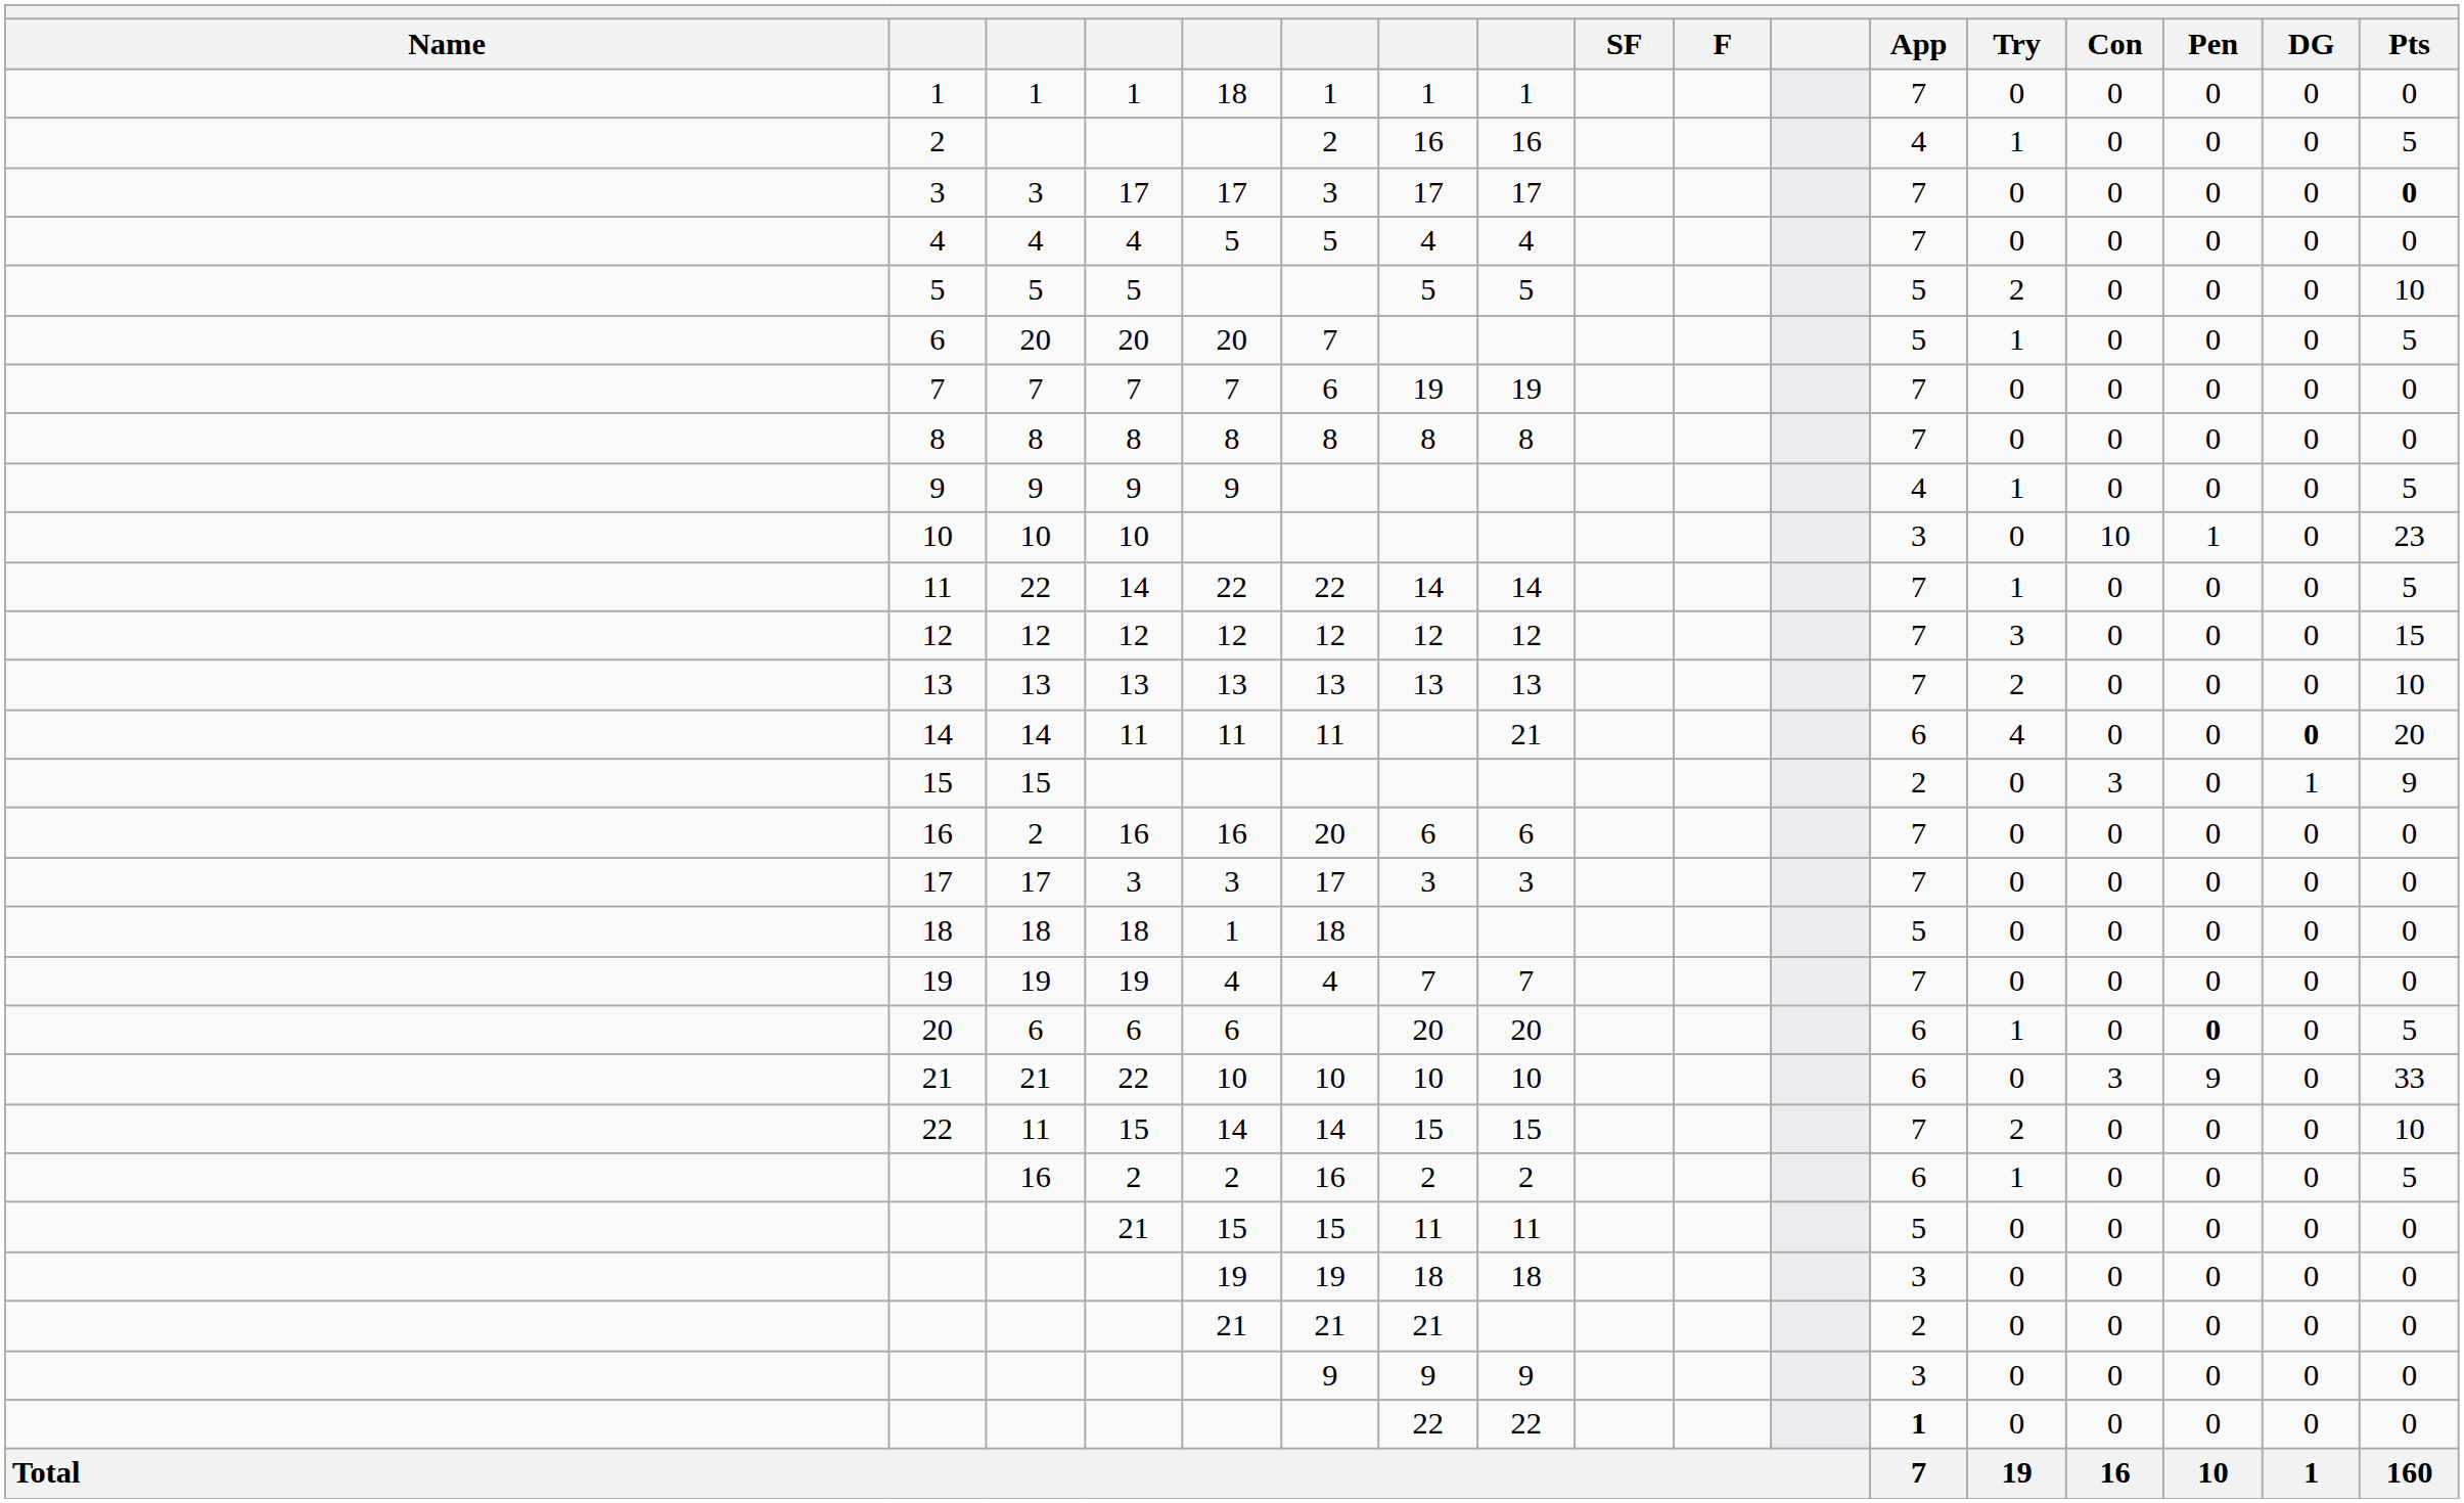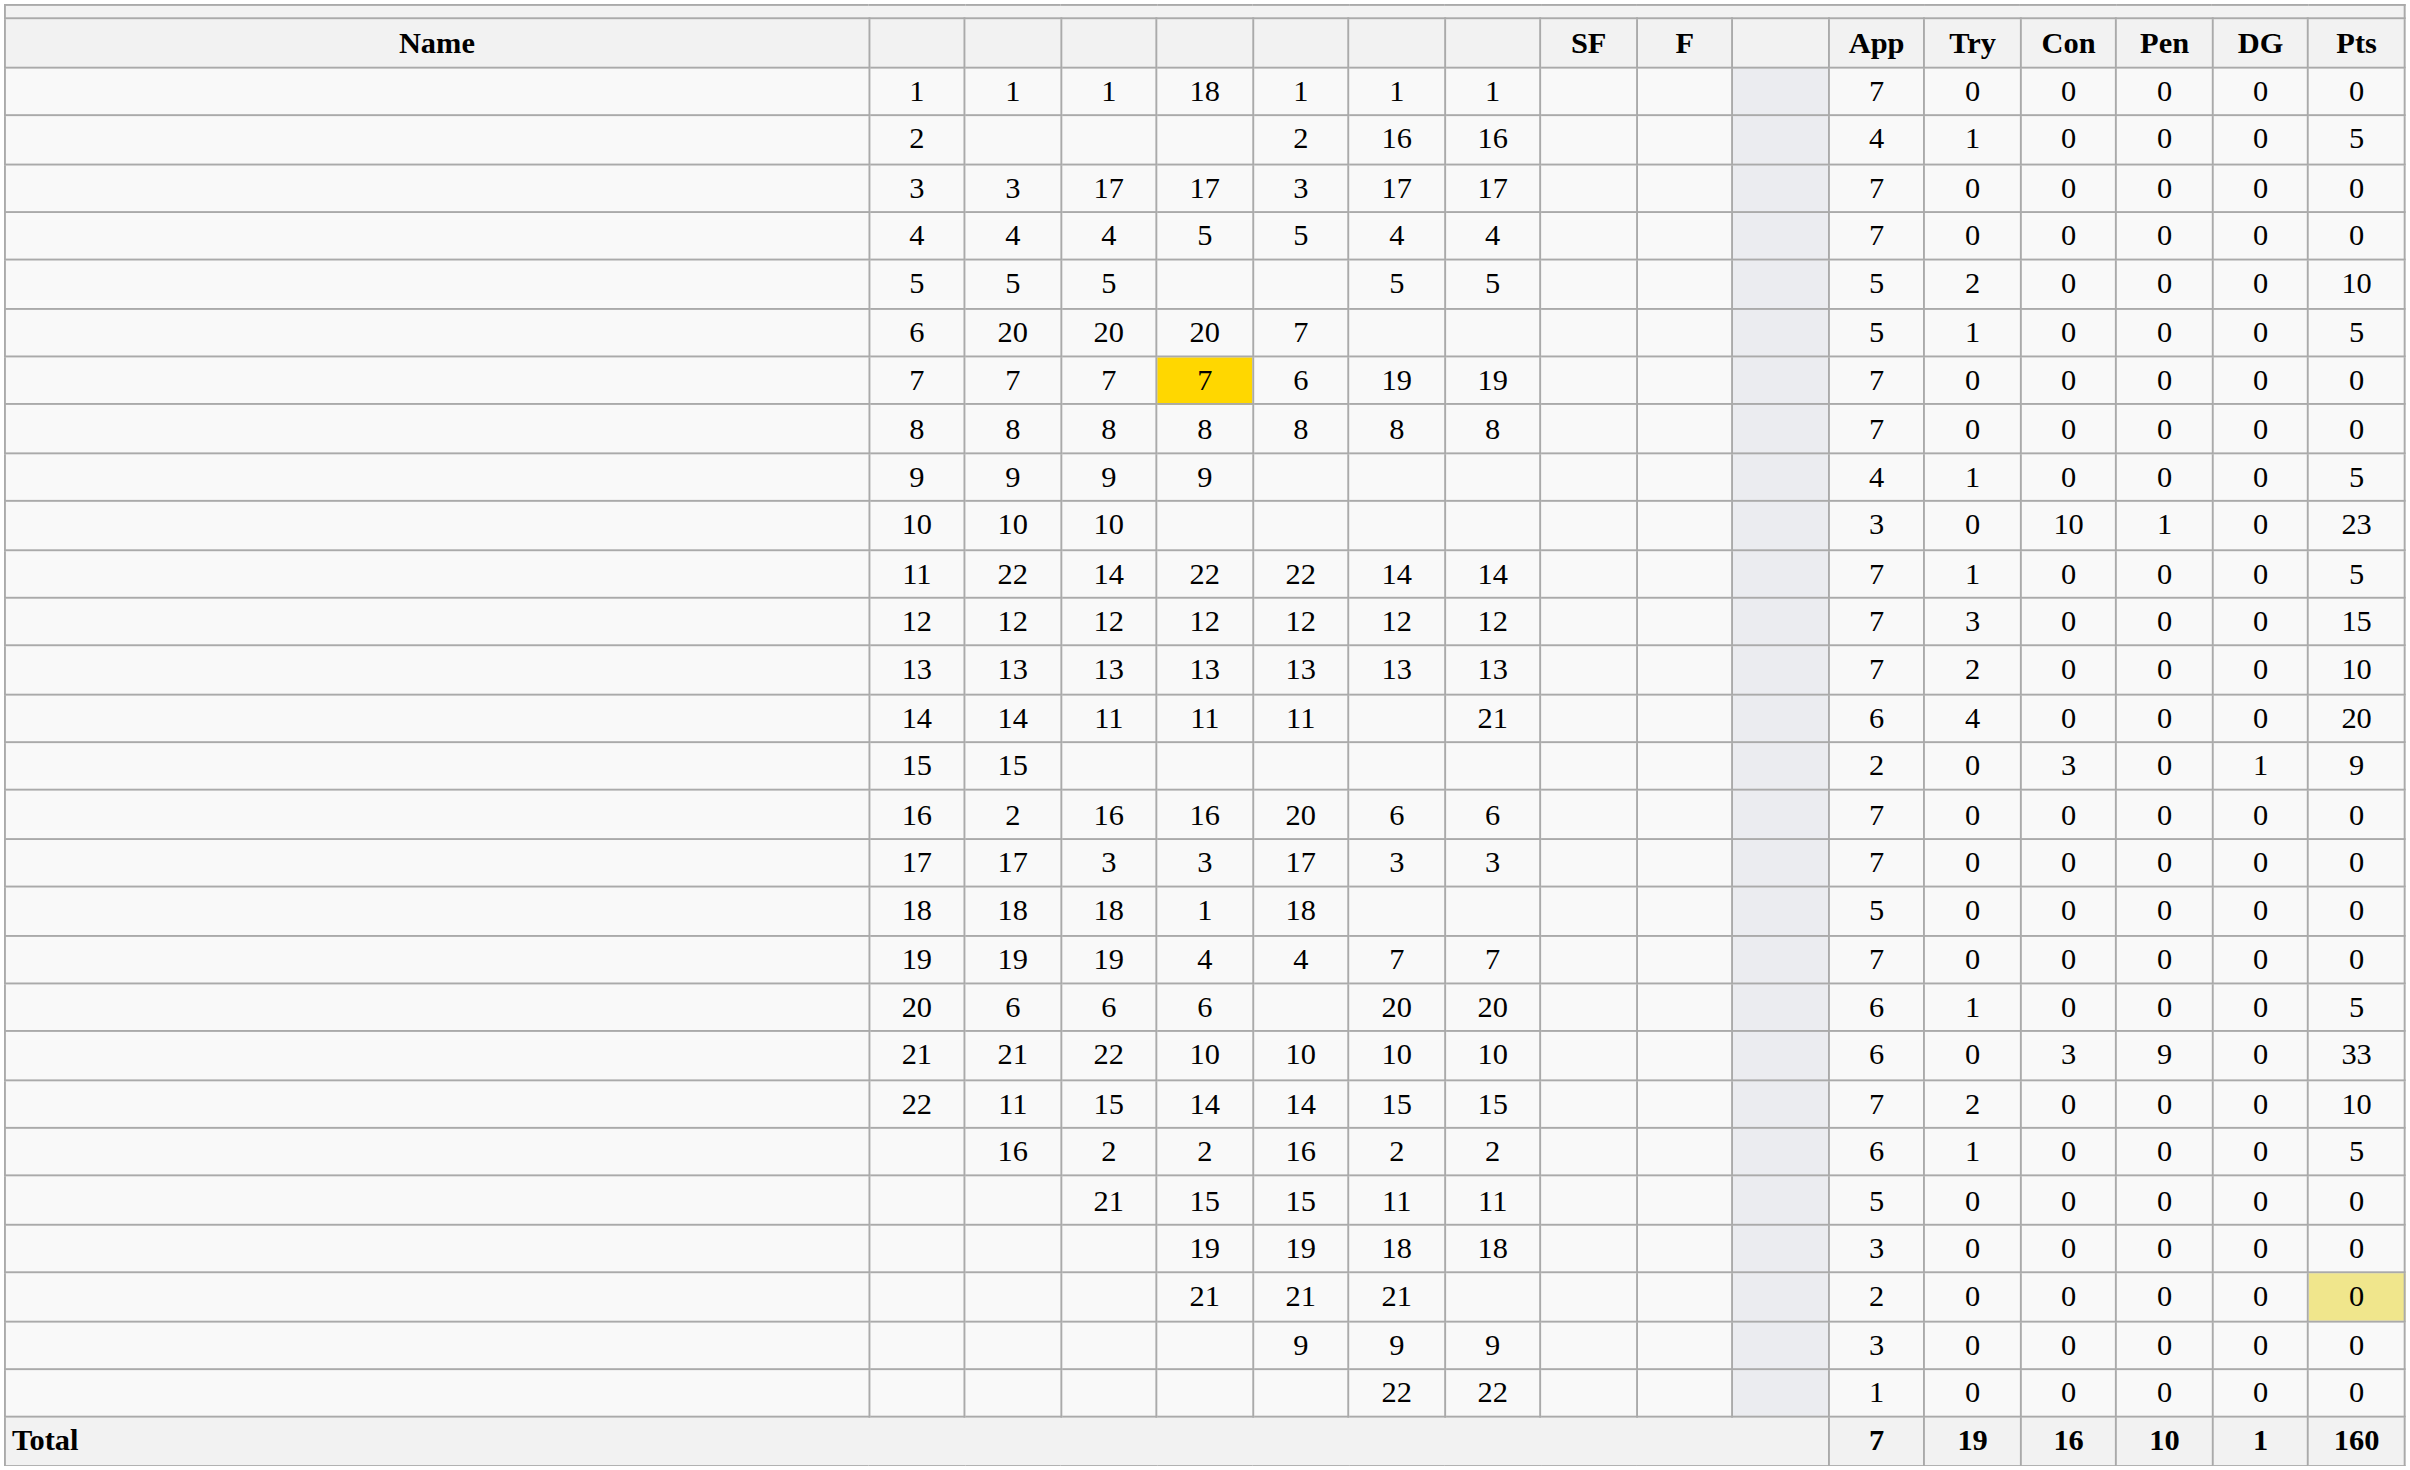 <table class="wikitable collapsible collapsed" style="text-align:center; font-size:100%; width:100%">
 <tr>
 <th colspan="100%"></th>
 </tr>
 <tr>
 <th style="width:36%;">Name</th>
 <th style="width:4%;"></th>
 <th style="width:4%;"></th>
 <th style="width:4%;"></th>
 <th style="width:4%;"></th>
 <th style="width:4%;"></th>
 <th style="width:4%;"></th>
 <th style="width:4%;"></th>
 <th style="width:4%;">SF</th>
 <th style="width:4%;">F</th>
 <th style="width:4%;"></th>
 <th style="width:4%;">App</th>
 <th style="width:4%;">Try</th>
 <th style="width:4%;">Con</th>
 <th style="width:4%;">Pen</th>
 <th style="width:4%;">DG</th>
 <th style="width:4%;">Pts</th>
 </tr>
 <tr>
 <td style="text-align:left;"></td>
 <td>1</td>
 <td>1</td>
 <td>1</td>
 <td>18 </td>
 <td>1</td>
 <td>1</td>
 <td>1</td>
 <td></td>
 <td></td>
 <td style="background:#EBECF0;"></td>
 <td>7</td>
 <td>0</td>
 <td>0</td>
 <td>0</td>
 <td>0</td>
 <td>0</td>
 </tr>
 <tr>
 <td style="text-align:left;"></td>
 <td>2</td>
 <td></td>
 <td></td>
 <td></td>
 <td>2</td>
 <td>16 </td>
 <td>16 </td>
 <td></td>
 <td></td>
 <td style="background:#EBECF0;"></td>
 <td>4</td>
 <td>1</td>
 <td>0</td>
 <td>0</td>
 <td>0</td>
 <td>5</td>
 </tr>
 <tr>
 <td style="text-align:left;"></td>
 <td>3</td>
 <td>3</td>
 <td>17 </td>
 <td>17 </td>
 <td>3</td>
 <td>17 </td>
 <td>17 </td>
 <td></td>
 <td></td>
 <td style="background:#EBECF0;"></td>
 <td>7</td>
 <td>0</td>
 <td>0</td>
 <td>0</td>
 <td>0</td>
-<td><strong>0</strong></td>
+<td>0</td>
 </tr>
 <tr>
 <td style="text-align:left;"></td>
 <td>4</td>
 <td>4</td>
 <td>4</td>
 <td>5</td>
 <td>5</td>
 <td>4</td>
 <td>4</td>
 <td></td>
 <td></td>
 <td style="background:#EBECF0;"></td>
 <td>7</td>
 <td>0</td>
 <td>0</td>
 <td>0</td>
 <td>0</td>
 <td>0</td>
 </tr>
 <tr>
 <td style="text-align:left;"></td>
 <td>5</td>
 <td>5</td>
 <td>5</td>
 <td></td>
 <td></td>
 <td>5</td>
 <td>5</td>
 <td></td>
 <td></td>
 <td style="background:#EBECF0;"></td>
 <td>5</td>
 <td>2</td>
 <td>0</td>
 <td>0</td>
 <td>0</td>
 <td>10</td>
 </tr>
 <tr>
 <td style="text-align:left;"></td>
 <td>6</td>
 <td>20 </td>
 <td>20 </td>
 <td>20 </td>
 <td>7</td>
 <td></td>
 <td></td>
 <td></td>
 <td></td>
 <td style="background:#EBECF0;"></td>
 <td>5</td>
 <td>1</td>
 <td>0</td>
 <td>0</td>
 <td>0</td>
 <td>5</td>
 </tr>
 <tr>
 <td style="text-align:left;"></td>
 <td>7</td>
 <td>7</td>
 <td>7</td>
-<td>7</td>
+<td style="background: gold;">7</td>
 <td>6</td>
 <td>19 </td>
 <td>19 </td>
 <td></td>
 <td></td>
 <td style="background:#EBECF0;"></td>
 <td>7</td>
 <td>0</td>
 <td>0</td>
 <td>0</td>
 <td>0</td>
 <td>0</td>
 </tr>
 <tr>
 <td style="text-align:left;"></td>
 <td>8</td>
 <td>8</td>
 <td>8</td>
 <td>8</td>
 <td>8</td>
 <td>8</td>
 <td>8</td>
 <td></td>
 <td></td>
 <td style="background:#EBECF0;"></td>
 <td>7</td>
 <td>0</td>
 <td>0</td>
 <td>0</td>
 <td>0</td>
 <td>0</td>
 </tr>
 <tr>
 <td style="text-align:left;"></td>
 <td>9</td>
 <td>9</td>
 <td>9</td>
 <td>9</td>
 <td></td>
 <td></td>
 <td></td>
 <td></td>
 <td></td>
 <td style="background:#EBECF0;"></td>
 <td>4</td>
 <td>1</td>
 <td>0</td>
 <td>0</td>
 <td>0</td>
 <td>5</td>
 </tr>
 <tr>
 <td style="text-align:left;"></td>
 <td>10</td>
 <td>10</td>
 <td>10</td>
 <td></td>
 <td></td>
 <td></td>
 <td></td>
 <td></td>
 <td></td>
 <td style="background:#EBECF0;"></td>
 <td>3</td>
 <td>0</td>
 <td>10</td>
 <td>1</td>
 <td>0</td>
 <td>23</td>
 </tr>
 <tr>
 <td style="text-align:left;"></td>
 <td>11</td>
 <td>22 </td>
 <td>14</td>
 <td>22 </td>
 <td>22 </td>
 <td>14</td>
 <td>14</td>
 <td></td>
 <td></td>
 <td style="background:#EBECF0;"></td>
 <td>7</td>
 <td>1</td>
 <td>0</td>
 <td>0</td>
 <td>0</td>
 <td>5</td>
 </tr>
 <tr>
 <td style="text-align:left;"></td>
 <td>12</td>
 <td>12</td>
 <td>12</td>
 <td>12</td>
 <td>12</td>
 <td>12</td>
 <td>12</td>
 <td></td>
 <td></td>
 <td style="background:#EBECF0;"></td>
 <td>7</td>
 <td>3</td>
 <td>0</td>
 <td>0</td>
 <td>0</td>
 <td>15</td>
 </tr>
 <tr>
 <td style="text-align:left;"></td>
 <td>13</td>
 <td>13</td>
 <td>13</td>
 <td>13</td>
 <td>13</td>
 <td>13</td>
 <td>13</td>
 <td></td>
 <td></td>
 <td style="background:#EBECF0;"></td>
 <td>7</td>
 <td>2</td>
 <td>0</td>
 <td>0</td>
 <td>0</td>
 <td>10</td>
 </tr>
 <tr>
 <td style="text-align:left;"></td>
 <td>14</td>
 <td>14</td>
 <td>11</td>
 <td>11</td>
 <td>11</td>
 <td></td>
 <td>21 </td>
 <td></td>
 <td></td>
 <td style="background:#EBECF0;"></td>
 <td>6</td>
 <td>4</td>
 <td>0</td>
 <td>0</td>
-<td><strong>0</strong></td>
+<td>0</td>
 <td>20</td>
 </tr>
 <tr>
 <td style="text-align:left;"></td>
 <td>15</td>
 <td>15</td>
 <td></td>
 <td></td>
 <td></td>
 <td></td>
 <td></td>
 <td></td>
 <td></td>
 <td style="background:#EBECF0;"></td>
 <td>2</td>
 <td>0</td>
 <td>3</td>
 <td>0</td>
 <td>1</td>
 <td>9</td>
 </tr>
 <tr>
 <td style="text-align:left;"></td>
 <td>16 </td>
 <td>2</td>
 <td>16 </td>
 <td>16 </td>
 <td>20 </td>
 <td>6</td>
 <td>6</td>
 <td></td>
 <td></td>
 <td style="background:#EBECF0;"></td>
 <td>7</td>
 <td>0</td>
 <td>0</td>
 <td>0</td>
 <td>0</td>
 <td>0</td>
 </tr>
 <tr>
 <td style="text-align:left;"></td>
 <td>17 </td>
 <td>17 </td>
 <td>3</td>
 <td>3</td>
 <td>17 </td>
 <td>3</td>
 <td>3</td>
 <td></td>
 <td></td>
 <td style="background:#EBECF0;"></td>
 <td>7</td>
 <td>0</td>
 <td>0</td>
 <td>0</td>
 <td>0</td>
 <td>0</td>
 </tr>
 <tr>
 <td style="text-align:left;"></td>
 <td>18 </td>
 <td>18 </td>
 <td>18 </td>
 <td>1</td>
 <td>18 </td>
 <td></td>
 <td></td>
 <td></td>
 <td></td>
 <td style="background:#EBECF0;"></td>
 <td>5</td>
 <td>0</td>
 <td>0</td>
 <td>0</td>
 <td>0</td>
 <td>0</td>
 </tr>
 <tr>
 <td style="text-align:left;"></td>
 <td>19 </td>
 <td>19 </td>
 <td>19 </td>
 <td>4</td>
 <td>4</td>
 <td>7</td>
 <td>7</td>
 <td></td>
 <td></td>
 <td style="background:#EBECF0;"></td>
 <td>7</td>
 <td>0</td>
 <td>0</td>
 <td>0</td>
 <td>0</td>
 <td>0</td>
 </tr>
 <tr>
 <td style="text-align:left;"></td>
 <td>20 </td>
 <td>6</td>
 <td>6</td>
 <td>6</td>
 <td></td>
 <td>20 </td>
 <td>20 </td>
 <td></td>
 <td></td>
 <td style="background:#EBECF0;"></td>
 <td>6</td>
 <td>1</td>
 <td>0</td>
-<td><strong>0</strong></td>
+<td>0</td>
 <td>0</td>
 <td>5</td>
 </tr>
 <tr>
 <td style="text-align:left;"></td>
 <td>21 </td>
 <td>21 </td>
 <td>22</td>
 <td>10</td>
 <td>10</td>
 <td>10</td>
 <td>10</td>
 <td></td>
 <td></td>
 <td style="background:#EBECF0;"></td>
 <td>6</td>
 <td>0</td>
 <td>3</td>
 <td>9</td>
 <td>0</td>
 <td>33</td>
 </tr>
 <tr>
 <td style="text-align:left;"></td>
 <td>22 </td>
 <td>11</td>
 <td>15</td>
 <td>14</td>
 <td>14</td>
 <td>15</td>
 <td>15</td>
 <td></td>
 <td></td>
 <td style="background:#EBECF0;"></td>
 <td>7</td>
 <td>2</td>
 <td>0</td>
 <td>0</td>
 <td>0</td>
 <td>10</td>
 </tr>
 <tr>
 <td style="text-align:left;"></td>
 <td></td>
 <td>16 </td>
 <td>2</td>
 <td>2</td>
 <td>16 </td>
 <td>2</td>
 <td>2</td>
 <td></td>
 <td></td>
 <td style="background:#EBECF0;"></td>
 <td>6</td>
 <td>1</td>
 <td>0</td>
 <td>0</td>
 <td>0</td>
 <td>5</td>
 </tr>
 <tr>
 <td style="text-align:left;"></td>
 <td></td>
 <td></td>
 <td>21 </td>
 <td>15</td>
 <td>15</td>
 <td>11</td>
 <td>11</td>
 <td></td>
 <td></td>
 <td style="background:#EBECF0;"></td>
 <td>5</td>
 <td>0</td>
 <td>0</td>
 <td>0</td>
 <td>0</td>
 <td>0</td>
 </tr>
 <tr>
 <td style="text-align:left;"></td>
 <td></td>
 <td></td>
 <td></td>
 <td>19 </td>
 <td>19 </td>
 <td>18</td>
 <td>18 </td>
 <td></td>
 <td></td>
 <td style="background:#EBECF0;"></td>
 <td>3</td>
 <td>0</td>
 <td>0</td>
 <td>0</td>
 <td>0</td>
 <td>0</td>
 </tr>
 <tr>
 <td style="text-align:left;"></td>
 <td></td>
 <td></td>
 <td></td>
 <td>21 </td>
 <td>21 </td>
 <td>21</td>
 <td></td>
 <td></td>
 <td></td>
 <td style="background:#EBECF0;"></td>
 <td>2</td>
 <td>0</td>
 <td>0</td>
 <td>0</td>
 <td>0</td>
-<td>0</td>
+<td style="background: khaki;">0</td>
 </tr>
 <tr>
 <td style="text-align:left;"></td>
 <td></td>
 <td></td>
 <td></td>
 <td></td>
 <td>9</td>
 <td>9</td>
 <td>9</td>
 <td></td>
 <td></td>
 <td style="background:#EBECF0;"></td>
 <td>3</td>
 <td>0</td>
 <td>0</td>
 <td>0</td>
 <td>0</td>
 <td>0</td>
 </tr>
 <tr>
 <td style="text-align:left;"></td>
 <td></td>
 <td></td>
 <td></td>
 <td></td>
 <td></td>
 <td>22</td>
 <td>22 </td>
 <td></td>
 <td></td>
 <td style="background:#EBECF0;"></td>
-<td><strong>1</strong></td>
+<td>1</td>
 <td>0</td>
 <td>0</td>
 <td>0</td>
 <td>0</td>
 <td>0</td>
 </tr>
 <tr>
 <th colspan="11" style="text-align:left;">Total</th>
 <th>7</th>
 <th>19</th>
 <th>16</th>
 <th>10</th>
 <th>1</th>
 <th>160</th>
 </tr>
 </table>
